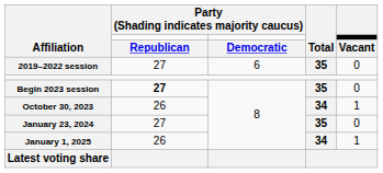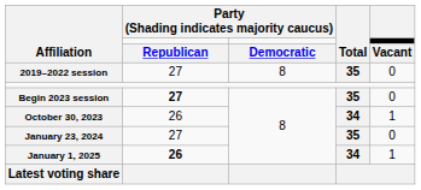 <table class=wikitable style="text-align:center">
 <tr style="vertical-align:bottom;">
 <th rowspan=3>Affiliation</th>
 <th colspan=2>Party <div>(Shading indicates majority caucus)</div></th>
 <th rowspan=3>Total</th>
 <th></th>
 </tr>
 <tr style="height:5px">
 <td style="background-color:"></td>
 <td style="background-color:"></td>
 <td style="background-color:black"></td>
 </tr>
 <tr>
 <th><a href='#'>Republican</a></th>
 <th><a href='#'>Democratic</a></th>
 <th>Vacant</th>
 </tr>
 <tr>
 <th nowrap style="font-size:80%">2019–2022 session</th>
 <td>27</td>
-<td>6</td>
+<td>8</td>
 <th>35</th>
 <td>0</td>
 </tr>
 <tr>
 <td colspan=5></td>
 </tr>
 <tr>
 <th nowrap style="font-size:80%">Begin 2023 session</th>
 <td><strong>27</strong></td>
 <td rowspan=4>8</td>
 <th>35</th>
 <td>0</td>
 </tr>
 <tr>
 <th nowrap style="font-size:80%">October 30, 2023</th>
 <td>26</td>
 <th>34</th>
 <td>1</td>
 </tr>
 <tr>
 <th nowrap style="font-size:80%">January 23, 2024</th>
 <td>27</td>
 <th>35</th>
 <td>0</td>
 </tr>
 <tr>
 <th nowrap style="font-size:80%">January 1, 2025</th>
-<td>26</td>
+<td><strong>26</strong></td>
 <th>34</th>
 <td>1</td>
 </tr>
 <tr>
 <th>Latest voting share</th>
 <th></th>
 <th></th>
 <th colspan="2"></th>
 </tr>
 </table>
